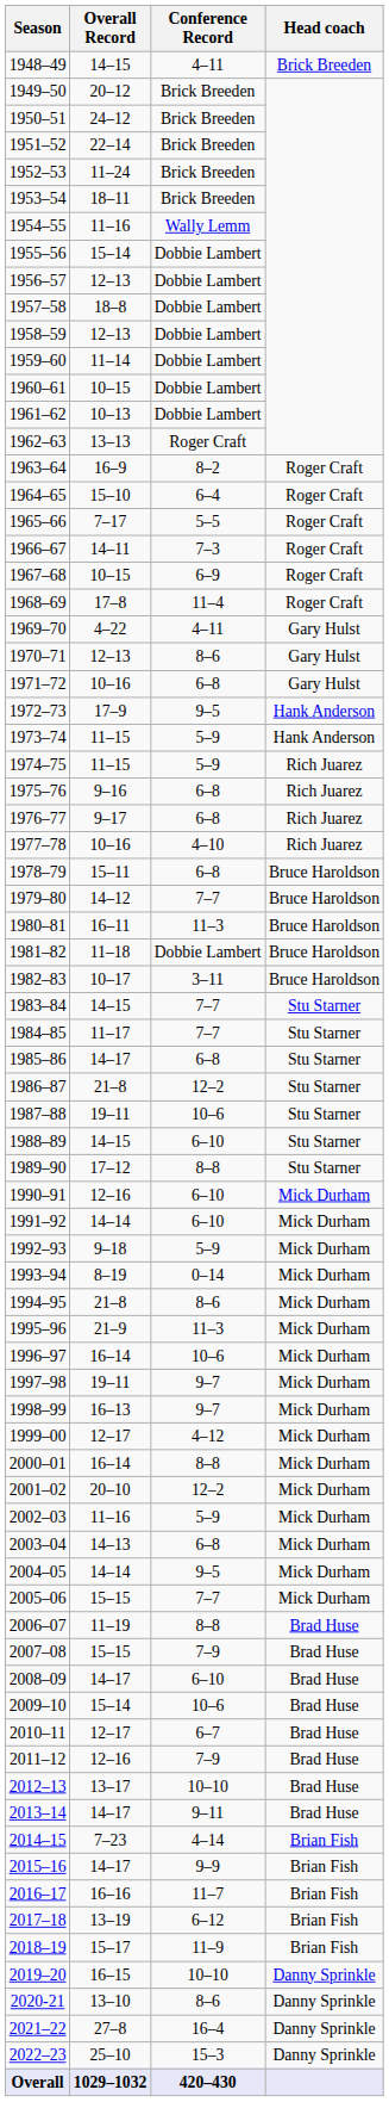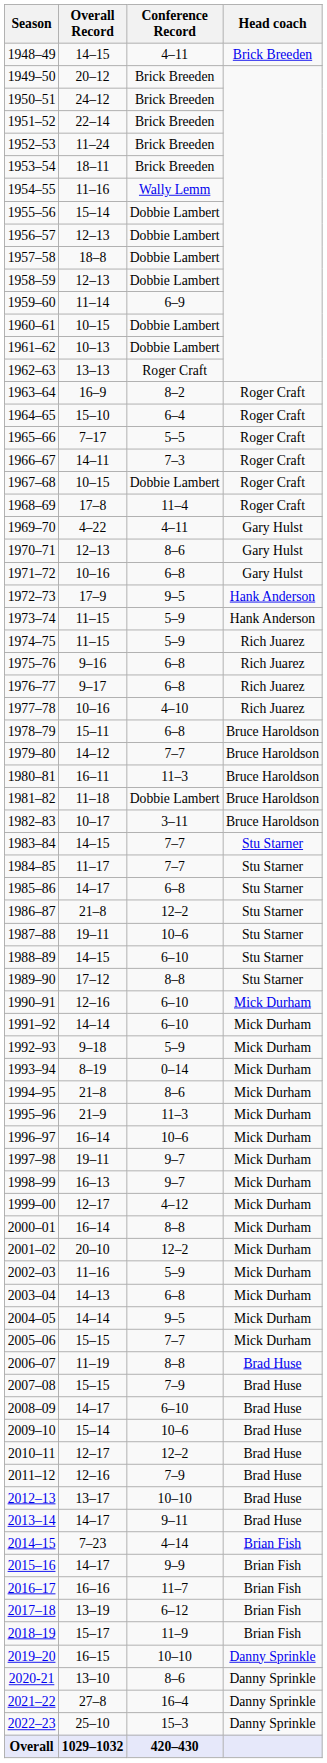 <table class="wikitable sortable" style="text-align:center; font-size:95%;">
 <tr>
 <th>Season</th>
 <th>Overall<br>Record</th>
 <th>Conference<br>Record</th>
 <th>Head coach</th>
 </tr>
 <tr>
 <td>1948–49</td>
 <td>14–15</td>
 <td>4–11</td>
 <td><a href='#'>Brick Breeden</a></td>
 </tr>
 <tr>
 <td>1949–50</td>
 <td>20–12</td>
 <td>Brick Breeden</td>
 </tr>
 <tr>
 <td>1950–51</td>
 <td>24–12</td>
 <td>Brick Breeden</td>
 </tr>
 <tr>
 <td>1951–52</td>
 <td>22–14</td>
 <td>Brick Breeden</td>
 </tr>
 <tr>
 <td>1952–53</td>
 <td>11–24</td>
 <td>Brick Breeden</td>
 </tr>
 <tr>
 <td>1953–54</td>
 <td>18–11</td>
 <td>Brick Breeden</td>
 </tr>
 <tr>
 <td>1954–55</td>
 <td>11–16</td>
 <td><a href='#'>Wally Lemm</a></td>
 </tr>
 <tr>
 <td>1955–56</td>
 <td>15–14</td>
 <td>Dobbie Lambert</td>
 </tr>
 <tr>
 <td>1956–57</td>
 <td>12–13</td>
 <td>Dobbie Lambert</td>
 </tr>
 <tr>
 <td>1957–58</td>
 <td>18–8</td>
 <td>Dobbie Lambert</td>
 </tr>
 <tr>
 <td>1958–59</td>
 <td>12–13</td>
 <td>Dobbie Lambert</td>
 </tr>
 <tr>
 <td>1959–60</td>
 <td>11–14</td>
-<td>Dobbie Lambert</td>
+<td>6–9</td>
 </tr>
 <tr>
 <td>1960–61</td>
 <td>10–15</td>
 <td>Dobbie Lambert</td>
 </tr>
 <tr>
 <td>1961–62</td>
 <td>10–13</td>
 <td>Dobbie Lambert</td>
 </tr>
 <tr>
 <td>1962–63</td>
 <td>13–13</td>
 <td>Roger Craft</td>
 </tr>
 <tr>
 <td>1963–64</td>
 <td>16–9</td>
 <td>8–2</td>
 <td>Roger Craft</td>
 </tr>
 <tr>
 <td>1964–65</td>
 <td>15–10</td>
 <td>6–4</td>
 <td>Roger Craft</td>
 </tr>
 <tr>
 <td>1965–66</td>
 <td>7–17</td>
 <td>5–5</td>
 <td>Roger Craft</td>
 </tr>
 <tr>
 <td>1966–67</td>
 <td>14–11</td>
 <td>7–3</td>
 <td>Roger Craft</td>
 </tr>
 <tr>
 <td>1967–68</td>
 <td>10–15</td>
-<td>6–9</td>
+<td>Dobbie Lambert</td>
 <td>Roger Craft</td>
 </tr>
 <tr>
 <td>1968–69</td>
 <td>17–8</td>
 <td>11–4</td>
 <td>Roger Craft</td>
 </tr>
 <tr>
 <td>1969–70</td>
 <td>4–22</td>
 <td>4–11</td>
 <td>Gary Hulst</td>
 </tr>
 <tr>
 <td>1970–71</td>
 <td>12–13</td>
 <td>8–6</td>
 <td>Gary Hulst</td>
 </tr>
 <tr>
 <td>1971–72</td>
 <td>10–16</td>
 <td>6–8</td>
 <td>Gary Hulst</td>
 </tr>
 <tr>
 <td>1972–73</td>
 <td>17–9</td>
 <td>9–5</td>
 <td><a href='#'>Hank Anderson</a></td>
 </tr>
 <tr>
 <td>1973–74</td>
 <td>11–15</td>
 <td>5–9</td>
 <td>Hank Anderson</td>
 </tr>
 <tr>
 <td>1974–75</td>
 <td>11–15</td>
 <td>5–9</td>
 <td>Rich Juarez</td>
 </tr>
 <tr>
 <td>1975–76</td>
 <td>9–16</td>
 <td>6–8</td>
 <td>Rich Juarez</td>
 </tr>
 <tr>
 <td>1976–77</td>
 <td>9–17</td>
 <td>6–8</td>
 <td>Rich Juarez</td>
 </tr>
 <tr>
 <td>1977–78</td>
 <td>10–16</td>
 <td>4–10</td>
 <td>Rich Juarez</td>
 </tr>
 <tr>
 <td>1978–79</td>
 <td>15–11</td>
 <td>6–8</td>
 <td>Bruce Haroldson</td>
 </tr>
 <tr>
 <td>1979–80</td>
 <td>14–12</td>
 <td>7–7</td>
 <td>Bruce Haroldson</td>
 </tr>
 <tr>
 <td>1980–81</td>
 <td>16–11</td>
 <td>11–3</td>
 <td>Bruce Haroldson</td>
 </tr>
 <tr>
 <td>1981–82</td>
 <td>11–18</td>
 <td>Dobbie Lambert</td>
 <td>Bruce Haroldson</td>
 </tr>
 <tr>
 <td>1982–83</td>
 <td>10–17</td>
 <td>3–11</td>
 <td>Bruce Haroldson</td>
 </tr>
 <tr>
 <td>1983–84</td>
 <td>14–15</td>
 <td>7–7</td>
 <td><a href='#'>Stu Starner</a></td>
 </tr>
 <tr>
 <td>1984–85</td>
 <td>11–17</td>
 <td>7–7</td>
 <td>Stu Starner</td>
 </tr>
 <tr>
 <td>1985–86</td>
 <td>14–17</td>
 <td>6–8</td>
 <td>Stu Starner</td>
 </tr>
 <tr>
 <td>1986–87</td>
 <td>21–8</td>
 <td>12–2</td>
 <td>Stu Starner</td>
 </tr>
 <tr>
 <td>1987–88</td>
 <td>19–11</td>
 <td>10–6</td>
 <td>Stu Starner</td>
 </tr>
 <tr>
 <td>1988–89</td>
 <td>14–15</td>
 <td>6–10</td>
 <td>Stu Starner</td>
 </tr>
 <tr>
 <td>1989–90</td>
 <td>17–12</td>
 <td>8–8</td>
 <td>Stu Starner</td>
 </tr>
 <tr>
 <td>1990–91</td>
 <td>12–16</td>
 <td>6–10</td>
 <td><a href='#'>Mick Durham</a></td>
 </tr>
 <tr>
 <td>1991–92</td>
 <td>14–14</td>
 <td>6–10</td>
 <td>Mick Durham</td>
 </tr>
 <tr>
 <td>1992–93</td>
 <td>9–18</td>
 <td>5–9</td>
 <td>Mick Durham</td>
 </tr>
 <tr>
 <td>1993–94</td>
 <td>8–19</td>
 <td>0–14</td>
 <td>Mick Durham</td>
 </tr>
 <tr>
 <td>1994–95</td>
 <td>21–8</td>
 <td>8–6</td>
 <td>Mick Durham</td>
 </tr>
 <tr>
 <td>1995–96</td>
 <td>21–9</td>
 <td>11–3</td>
 <td>Mick Durham</td>
 </tr>
 <tr>
 <td>1996–97</td>
 <td>16–14</td>
 <td>10–6</td>
 <td>Mick Durham</td>
 </tr>
 <tr>
 <td>1997–98</td>
 <td>19–11</td>
 <td>9–7</td>
 <td>Mick Durham</td>
 </tr>
 <tr>
 <td>1998–99</td>
 <td>16–13</td>
 <td>9–7</td>
 <td>Mick Durham</td>
 </tr>
 <tr>
 <td>1999–00</td>
 <td>12–17</td>
 <td>4–12</td>
 <td>Mick Durham</td>
 </tr>
 <tr>
 <td>2000–01</td>
 <td>16–14</td>
 <td>8–8</td>
 <td>Mick Durham</td>
 </tr>
 <tr>
 <td>2001–02</td>
 <td>20–10</td>
 <td>12–2</td>
 <td>Mick Durham</td>
 </tr>
 <tr>
 <td>2002–03</td>
 <td>11–16</td>
 <td>5–9</td>
 <td>Mick Durham</td>
 </tr>
 <tr>
 <td>2003–04</td>
 <td>14–13</td>
 <td>6–8</td>
 <td>Mick Durham</td>
 </tr>
 <tr>
 <td>2004–05</td>
 <td>14–14</td>
 <td>9–5</td>
 <td>Mick Durham</td>
 </tr>
 <tr>
 <td>2005–06</td>
 <td>15–15</td>
 <td>7–7</td>
 <td>Mick Durham</td>
 </tr>
 <tr>
 <td>2006–07</td>
 <td>11–19</td>
 <td>8–8</td>
 <td><a href='#'>Brad Huse</a></td>
 </tr>
 <tr>
 <td>2007–08</td>
 <td>15–15</td>
 <td>7–9</td>
 <td>Brad Huse</td>
 </tr>
 <tr>
 <td>2008–09</td>
 <td>14–17</td>
 <td>6–10</td>
 <td>Brad Huse</td>
 </tr>
 <tr>
 <td>2009–10</td>
 <td>15–14</td>
 <td>10–6</td>
 <td>Brad Huse</td>
 </tr>
 <tr>
 <td>2010–11</td>
 <td>12–17</td>
-<td>6–7</td>
+<td>12–2</td>
 <td>Brad Huse</td>
 </tr>
 <tr>
 <td>2011–12</td>
 <td>12–16</td>
 <td>7–9</td>
 <td>Brad Huse</td>
 </tr>
 <tr>
 <td><a href='#'>2012–13</a></td>
 <td>13–17</td>
 <td>10–10</td>
 <td>Brad Huse</td>
 </tr>
 <tr>
 <td><a href='#'>2013–14</a></td>
 <td>14–17</td>
 <td>9–11</td>
 <td>Brad Huse</td>
 </tr>
 <tr>
 <td><a href='#'>2014–15</a></td>
 <td>7–23</td>
 <td>4–14</td>
 <td><a href='#'>Brian Fish</a></td>
 </tr>
 <tr>
 <td><a href='#'>2015–16</a></td>
 <td>14–17</td>
 <td>9–9</td>
 <td>Brian Fish</td>
 </tr>
 <tr>
 <td><a href='#'>2016–17</a></td>
 <td>16–16</td>
 <td>11–7</td>
 <td>Brian Fish</td>
 </tr>
 <tr>
 <td><a href='#'>2017–18</a></td>
 <td>13–19</td>
 <td>6–12</td>
 <td>Brian Fish</td>
 </tr>
 <tr>
 <td><a href='#'>2018–19</a></td>
 <td>15–17</td>
 <td>11–9</td>
 <td>Brian Fish</td>
 </tr>
 <tr>
 <td><a href='#'>2019–20</a></td>
 <td>16–15</td>
 <td>10–10</td>
 <td><a href='#'>Danny Sprinkle</a></td>
 </tr>
 <tr>
 <td><a href='#'>2020-21</a></td>
 <td>13–10</td>
 <td>8–6</td>
 <td>Danny Sprinkle</td>
 </tr>
 <tr>
 <td><a href='#'>2021–22</a></td>
 <td>27–8</td>
 <td>16–4</td>
 <td>Danny Sprinkle</td>
 </tr>
 <tr>
 <td><a href='#'>2022–23</a></td>
 <td>25–10</td>
 <td>15–3</td>
 <td>Danny Sprinkle</td>
 </tr>
 <tr style="background:#E6E8FA;">
 <td><strong>Overall</strong></td>
 <td><strong>1029–1032</strong></td>
 <td><strong>420–430</strong></td>
 <td></td>
 </tr>
 </table>
